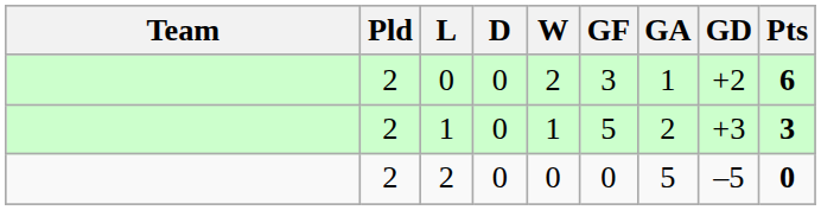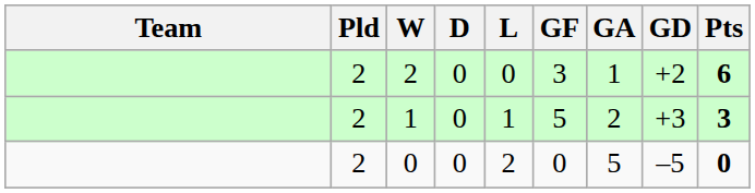 <table class=wikitable style="text-align:center">
 <tr>
 <th width=175>Team</th>
 <th width=20>Pld</th>
+<th width=20>W</th>
+<th width=20>D</th>
 <th width=20>L</th>
-<th width=20>D</th>
-<th width=20>W</th>
 <th width=20>GF</th>
 <th width=20>GA</th>
 <th width=20>GD</th>
 <th width=20>Pts</th>
 </tr>
 <tr style="background:#ccffcc">
 <td style="text-align:left"></td>
 <td>2</td>
+<td>2</td>
 <td>0</td>
 <td>0</td>
-<td>2</td>
 <td>3</td>
 <td>1</td>
 <td>+2</td>
 <td><strong>6</strong></td>
 </tr>
 <tr style="background:#ccffcc">
 <td style="text-align:left"></td>
 <td>2</td>
 <td>1</td>
 <td>0</td>
 <td>1</td>
 <td>5</td>
 <td>2</td>
 <td>+3</td>
 <td><strong>3</strong></td>
 </tr>
 <tr>
 <td style="text-align:left"></td>
 <td>2</td>
-<td>2</td>
 <td>0</td>
 <td>0</td>
+<td>2</td>
 <td>0</td>
 <td>5</td>
 <td>–5</td>
 <td><strong>0</strong></td>
 </tr>
 </table>
